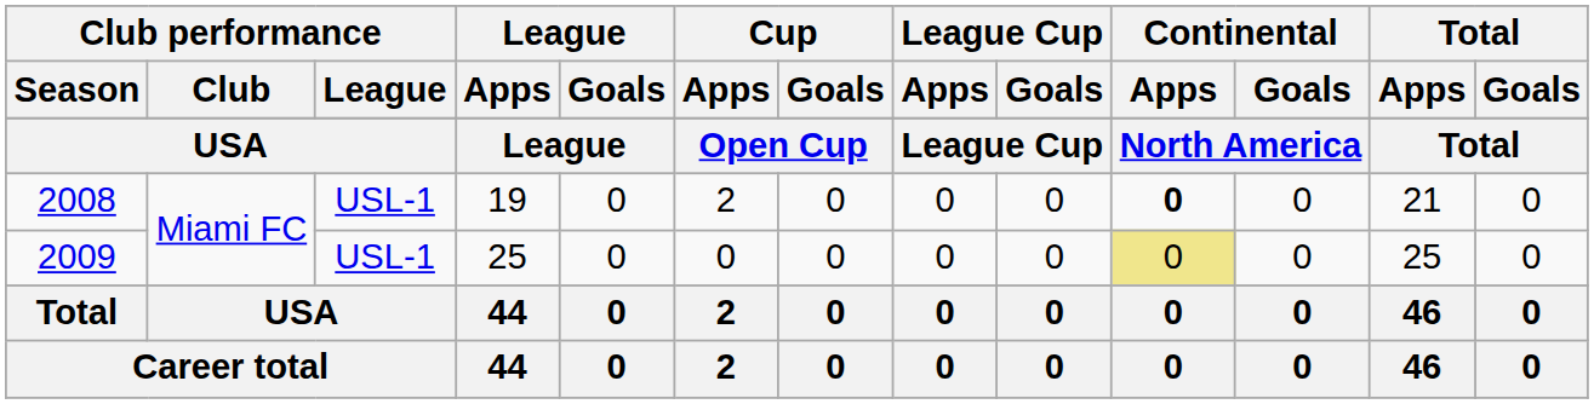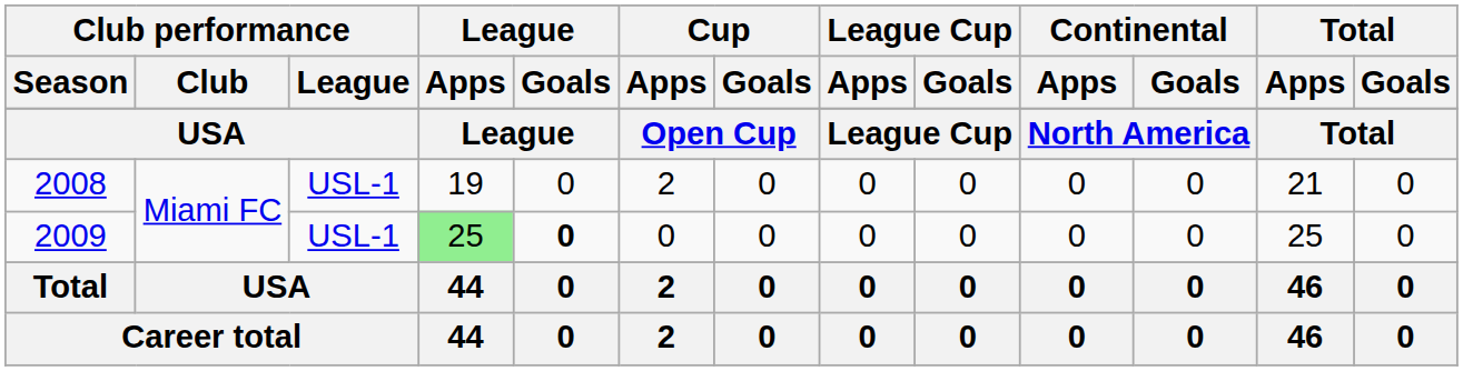 <table class="wikitable" style="text-align:center">
 <tr>
 <th colspan=3>Club performance</th>
 <th colspan=2>League</th>
 <th colspan=2>Cup</th>
 <th colspan=2>League Cup</th>
 <th colspan=2>Continental</th>
 <th colspan=2>Total</th>
 </tr>
 <tr>
 <th>Season</th>
 <th>Club</th>
 <th>League</th>
 <th>Apps</th>
 <th>Goals</th>
 <th>Apps</th>
 <th>Goals</th>
 <th>Apps</th>
 <th>Goals</th>
 <th>Apps</th>
 <th>Goals</th>
 <th>Apps</th>
 <th>Goals</th>
 </tr>
 <tr>
 </tr>
 <tr>
 <th colspan=3>USA</th>
 <th colspan=2>League</th>
 <th colspan=2><a href='#'>Open Cup</a></th>
 <th colspan=2>League Cup</th>
 <th colspan=2><a href='#'>North America</a></th>
 <th colspan=2>Total</th>
 </tr>
 <tr>
 <td><a href='#'>2008</a></td>
 <td rowspan="2"><a href='#'>Miami FC</a></td>
 <td><a href='#'>USL-1</a></td>
 <td>19</td>
 <td>0</td>
 <td>2</td>
 <td>0</td>
 <td>0</td>
 <td>0</td>
-<td><strong>0</strong></td>
+<td>0</td>
 <td>0</td>
 <td>21</td>
 <td>0</td>
 </tr>
 <tr>
 <td><a href='#'>2009</a></td>
 <td><a href='#'>USL-1</a></td>
-<td>25</td>
+<td style="background: lightgreen;">25</td>
+<td><strong>0</strong></td>
 <td>0</td>
 <td>0</td>
 <td>0</td>
 <td>0</td>
 <td>0</td>
-<td style="background: khaki;">0</td>
 <td>0</td>
 <td>25</td>
 <td>0</td>
 </tr>
 <tr>
 <th rowspan=1>Total</th>
 <th colspan=2>USA</th>
 <th>44</th>
 <th>0</th>
 <th>2</th>
 <th>0</th>
 <th>0</th>
 <th>0</th>
 <th>0</th>
 <th>0</th>
 <th>46</th>
 <th>0</th>
 </tr>
 <tr>
 <th colspan=3>Career total</th>
 <th>44</th>
 <th>0</th>
 <th>2</th>
 <th>0</th>
 <th>0</th>
 <th>0</th>
 <th>0</th>
 <th>0</th>
 <th>46</th>
 <th>0</th>
 </tr>
 </table>
